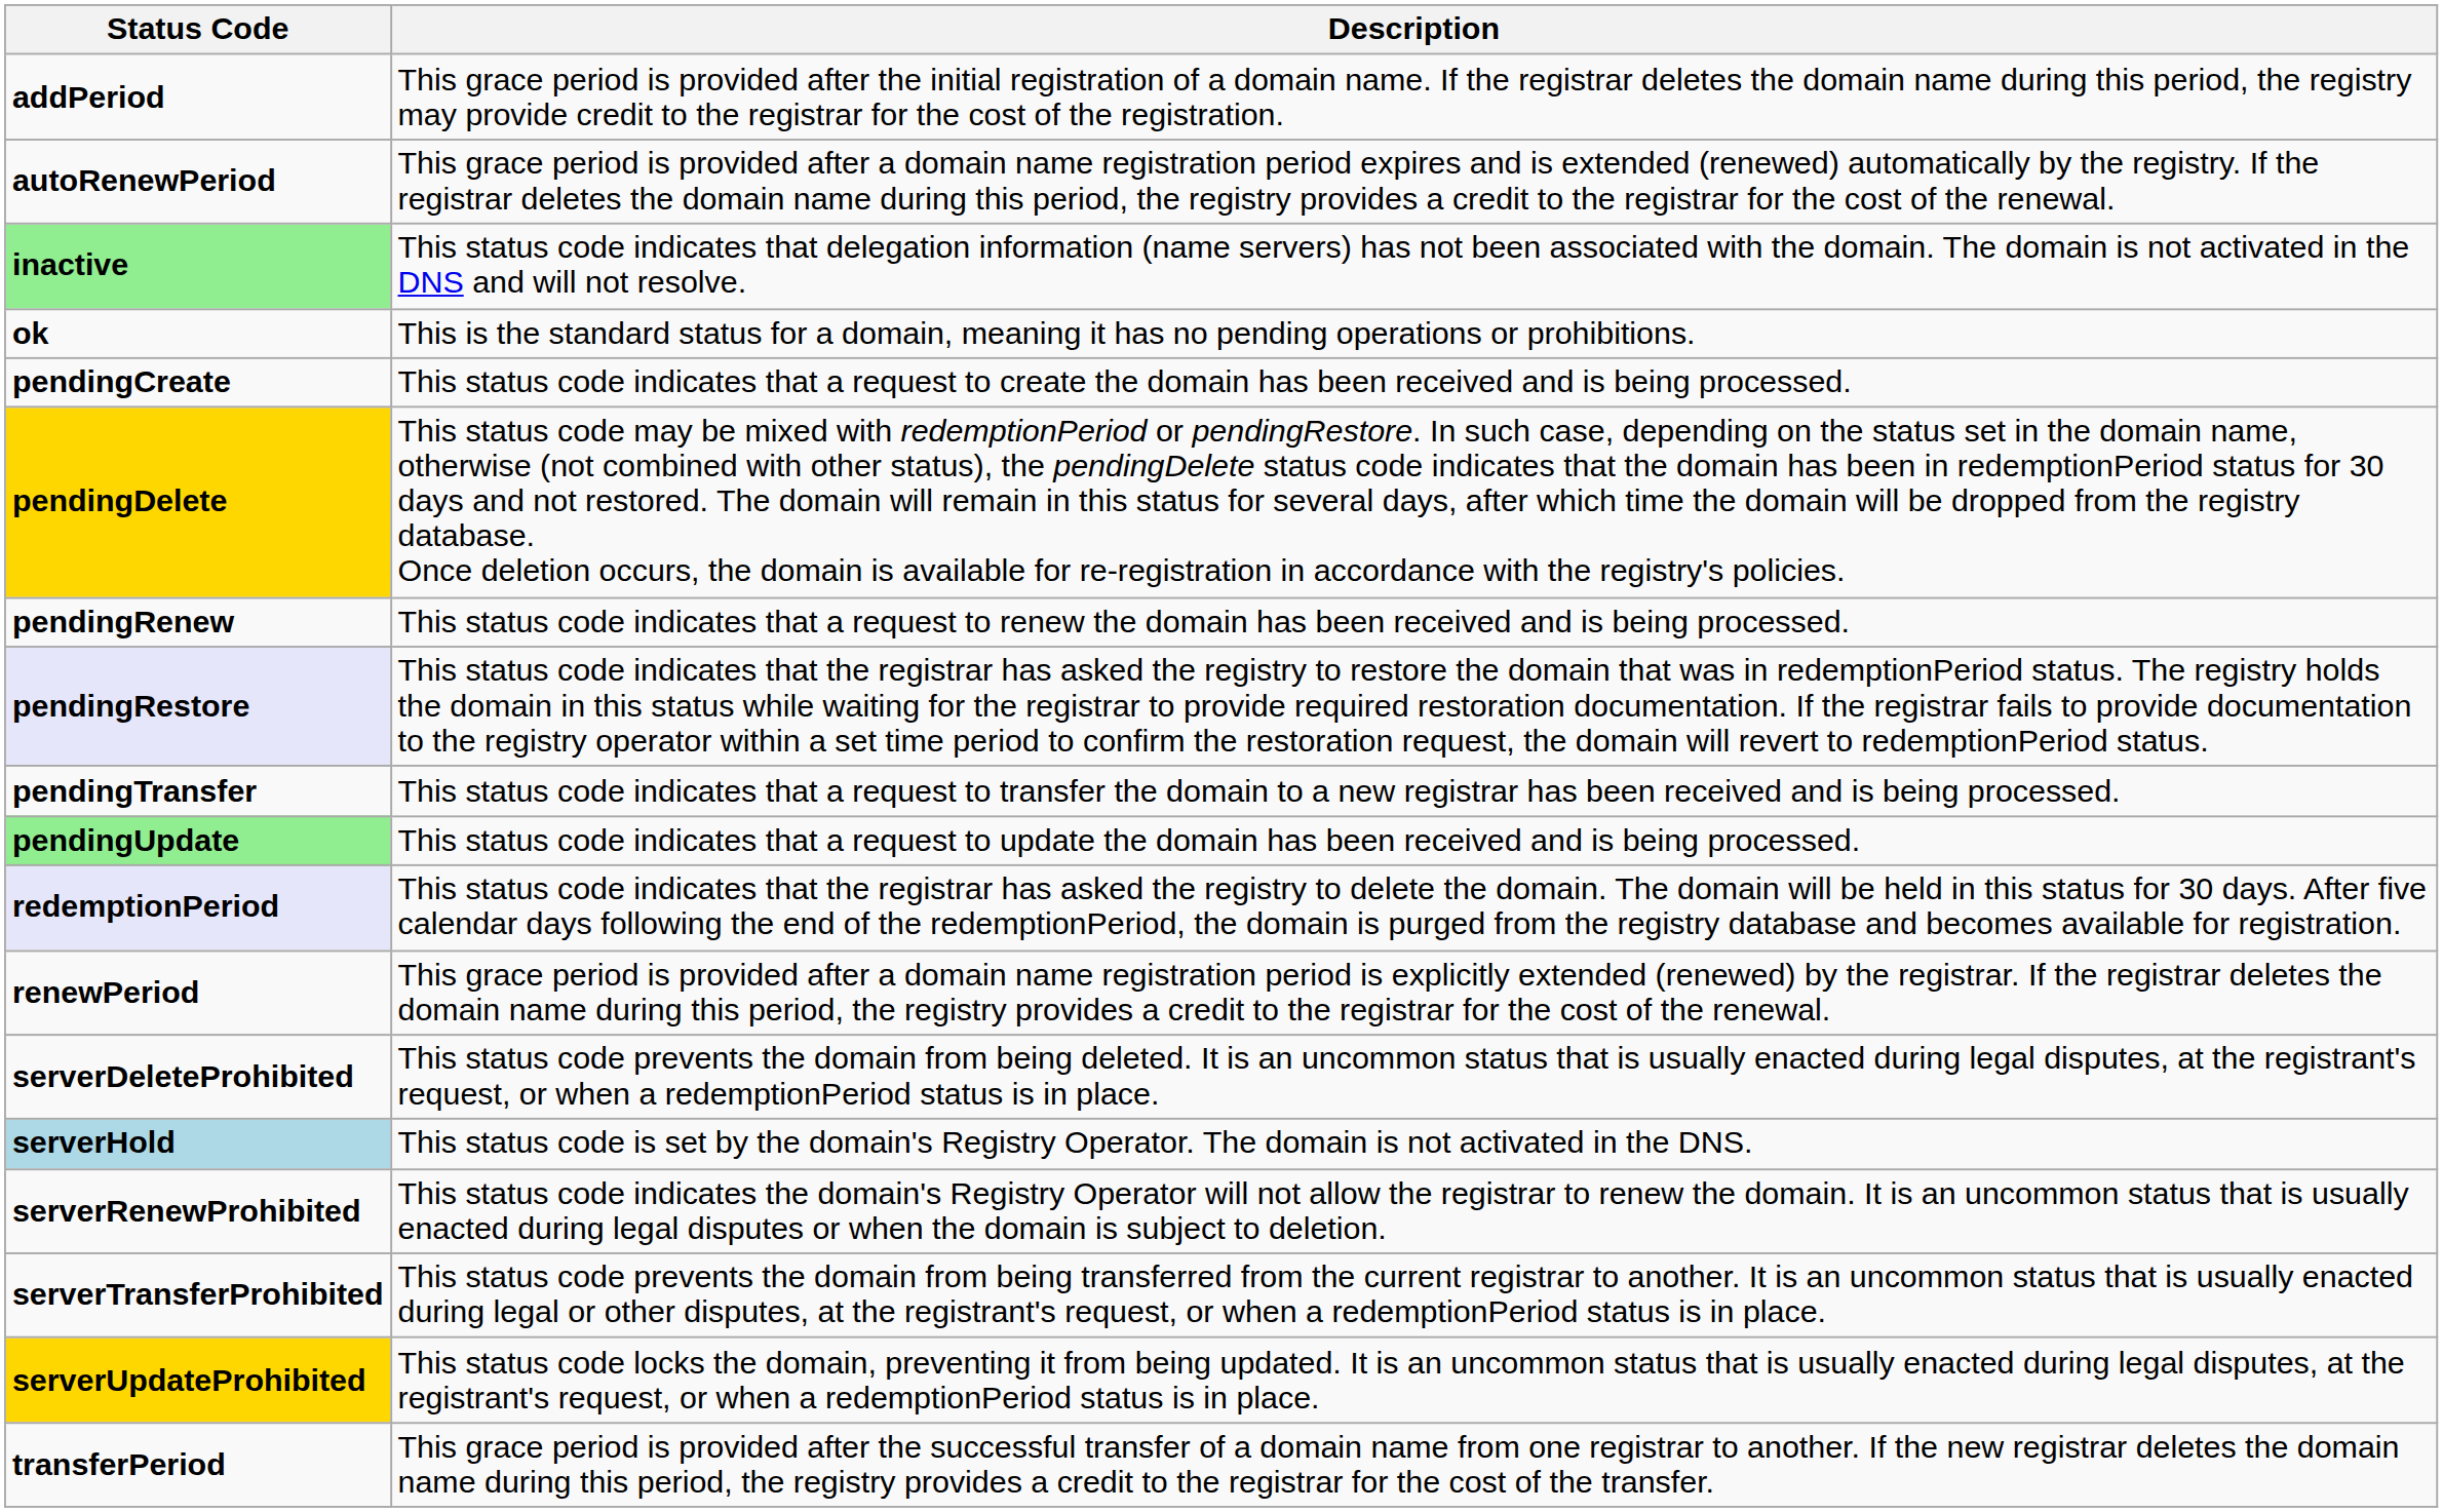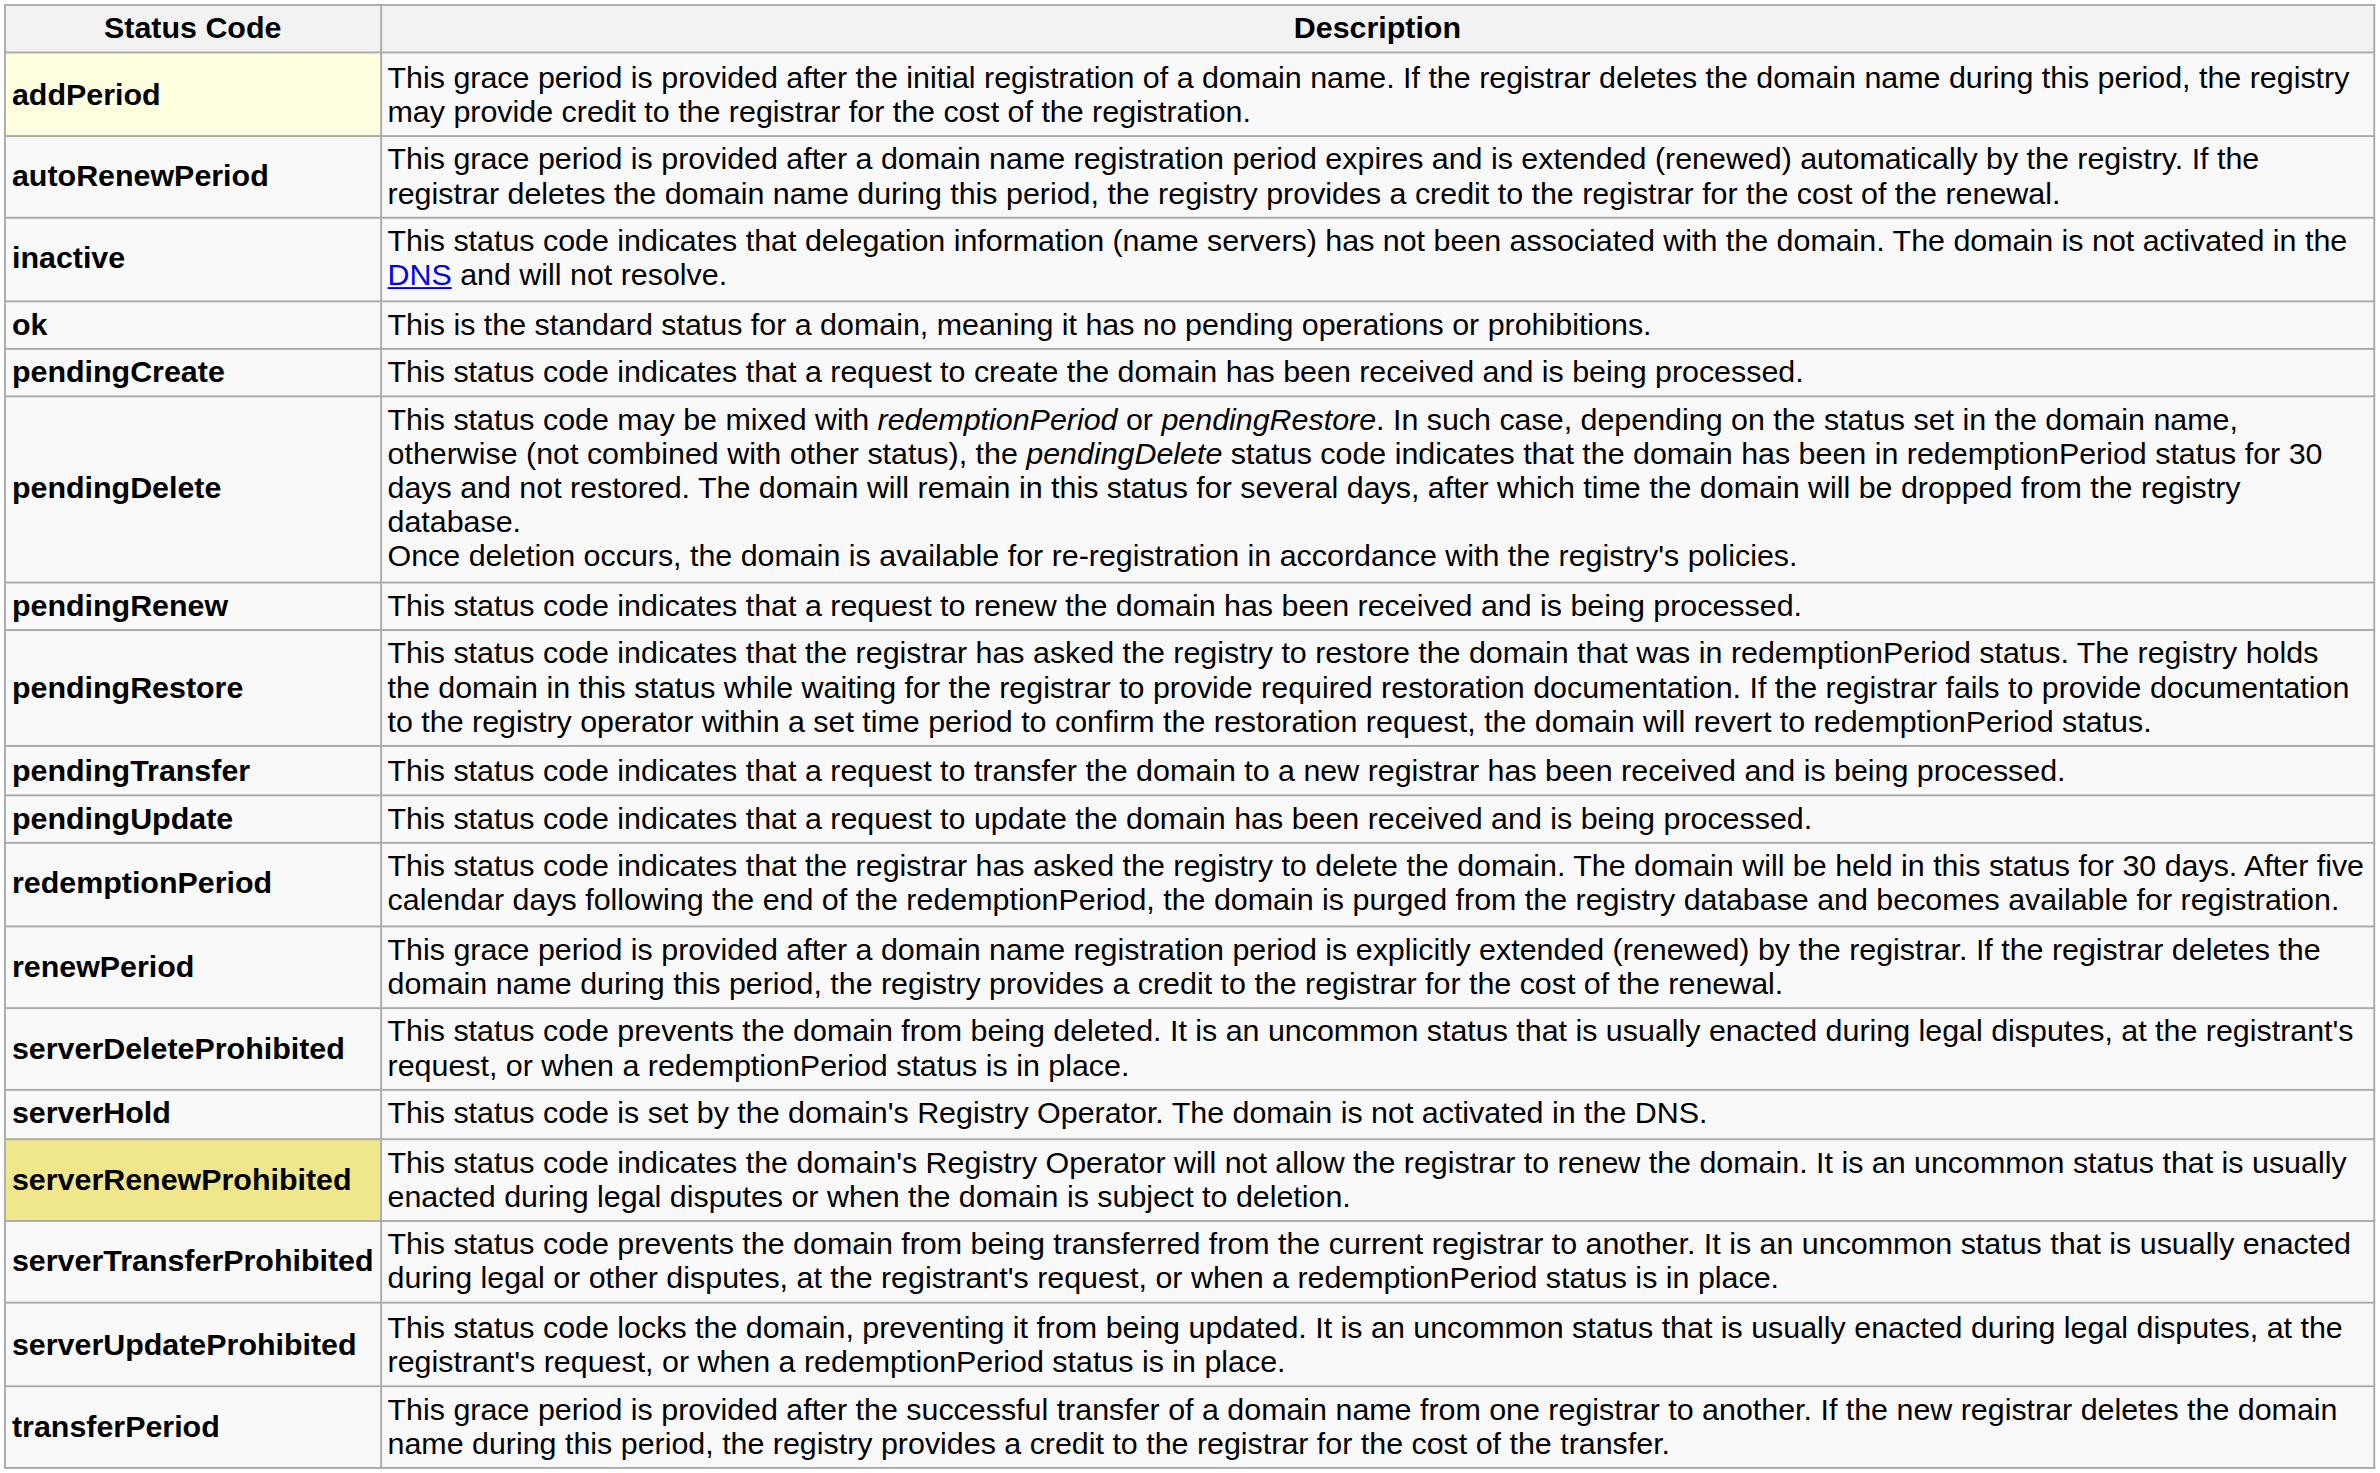 <table class="wikitable">
 <tr>
 <th>Status Code</th>
 <th>Description</th>
 </tr>
 <tr>
-<td><strong>addPeriod</strong></td>
+<td style="background: lightyellow;"><strong>addPeriod</strong></td>
 <td>This grace period is provided after the initial registration of a domain name. If the registrar deletes the domain name during this period, the registry may provide credit to the registrar for the cost of the registration.</td>
 </tr>
 <tr>
 <td><strong>autoRenewPeriod</strong></td>
 <td>This grace period is provided after a domain name registration period expires and is extended (renewed) automatically by the registry. If the registrar deletes the domain name during this period, the registry provides a credit to the registrar for the cost of the renewal.</td>
 </tr>
 <tr>
-<td style="background: lightgreen;"><strong>inactive</strong></td>
+<td><strong>inactive</strong></td>
 <td>This status code indicates that delegation information (name servers) has not been associated with the domain. The domain is not activated in the <a href='#'>DNS</a> and will not resolve.</td>
 </tr>
 <tr>
 <td><strong>ok</strong></td>
 <td>This is the standard status for a domain, meaning it has no pending operations or prohibitions.</td>
 </tr>
 <tr>
 <td><strong>pendingCreate</strong></td>
 <td>This status code indicates that a request to create the domain has been received and is being processed.</td>
 </tr>
 <tr>
-<td style="background: gold;"><strong>pendingDelete</strong></td>
+<td><strong>pendingDelete</strong></td>
 <td>This status code may be mixed with <em>redemptionPeriod</em> or <em>pendingRestore</em>. In such case, depending on the status set in the domain name, otherwise (not combined with other status), the <em>pendingDelete</em> status code indicates that the domain has been in redemptionPeriod status for 30 days and not restored. The domain will remain in this status for several days, after which time the domain will be dropped from the registry database.<br>Once deletion occurs, the domain is available for re-registration in accordance with the registry's policies.</td>
 </tr>
 <tr>
 <td><strong>pendingRenew</strong></td>
 <td>This status code indicates that a request to renew the domain has been received and is being processed.</td>
 </tr>
 <tr>
-<td style="background: lavender;"><strong>pendingRestore</strong></td>
+<td><strong>pendingRestore</strong></td>
 <td>This status code indicates that the registrar has asked the registry to restore the domain that was in redemptionPeriod status. The registry holds the domain in this status while waiting for the registrar to provide required restoration documentation. If the registrar fails to provide documentation to the registry operator within a set time period to confirm the restoration request, the domain will revert to redemptionPeriod status.</td>
 </tr>
 <tr>
 <td><strong>pendingTransfer</strong></td>
 <td>This status code indicates that a request to transfer the domain to a new registrar has been received and is being processed.</td>
 </tr>
 <tr>
-<td style="background: lightgreen;"><strong>pendingUpdate</strong></td>
+<td><strong>pendingUpdate</strong></td>
 <td>This status code indicates that a request to update the domain has been received and is being processed.</td>
 </tr>
 <tr>
-<td style="background: lavender;"><strong>redemptionPeriod</strong></td>
+<td><strong>redemptionPeriod</strong></td>
 <td>This status code indicates that the registrar has asked the registry to delete the domain. The domain will be held in this status for 30 days. After five calendar days following the end of the redemptionPeriod, the domain is purged from the registry database and becomes available for registration.</td>
 </tr>
 <tr>
 <td><strong>renewPeriod</strong></td>
 <td>This grace period is provided after a domain name registration period is explicitly extended (renewed) by the registrar. If the registrar deletes the domain name during this period, the registry provides a credit to the registrar for the cost of the renewal.</td>
 </tr>
 <tr>
 <td><strong>serverDeleteProhibited</strong></td>
 <td>This status code prevents the domain from being deleted. It is an uncommon status that is usually enacted during legal disputes, at the registrant's request, or when a redemptionPeriod status is in place.</td>
 </tr>
 <tr>
-<td style="background: lightblue;"><strong>serverHold</strong></td>
+<td><strong>serverHold</strong></td>
 <td>This status code is set by the domain's Registry Operator. The domain is not activated in the <abbr>DNS</abbr>.</td>
 </tr>
 <tr>
-<td><strong>serverRenewProhibited</strong></td>
+<td style="background: khaki;"><strong>serverRenewProhibited</strong></td>
 <td>This status code indicates the domain's Registry Operator will not allow the registrar to renew the domain. It is an uncommon status that is usually enacted during legal disputes or when the domain is subject to deletion.</td>
 </tr>
 <tr>
 <td><strong>serverTransferProhibited</strong></td>
 <td>This status code prevents the domain from being transferred from the current registrar to another. It is an uncommon status that is usually enacted during legal or other disputes, at the registrant's request, or when a redemptionPeriod status is in place.</td>
 </tr>
 <tr>
-<td style="background: gold;"><strong>serverUpdateProhibited</strong></td>
+<td><strong>serverUpdateProhibited</strong></td>
 <td>This status code locks the domain, preventing it from being updated. It is an uncommon status that is usually enacted during legal disputes, at the registrant's request, or when a redemptionPeriod status is in place.</td>
 </tr>
 <tr>
 <td><strong>transferPeriod</strong></td>
 <td>This grace period is provided after the successful transfer of a domain name from one registrar to another. If the new registrar deletes the domain name during this period, the registry provides a credit to the registrar for the cost of the transfer.</td>
 </tr>
 </table>
